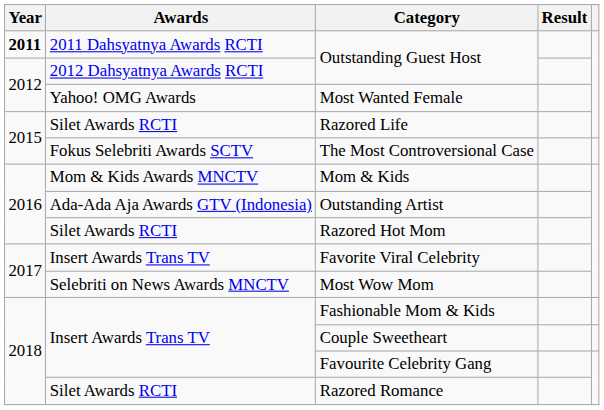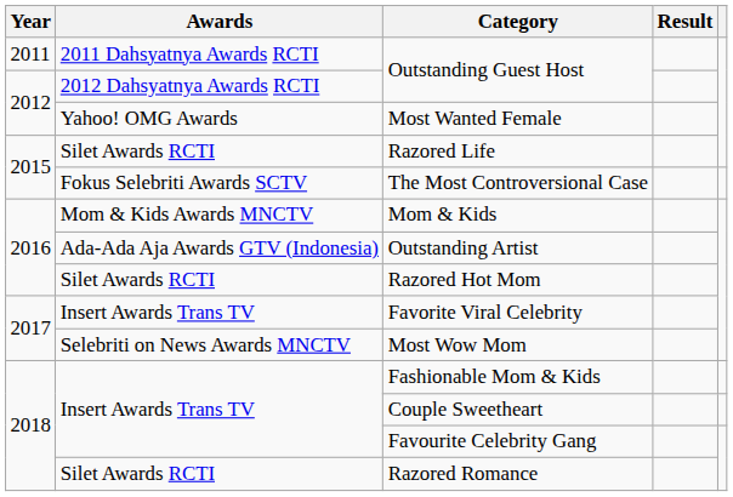 <table class="wikitable sortable">
 <tr>
 <th>Year</th>
 <th>Awards</th>
 <th>Category</th>
 <th>Result</th>
 <th></th>
 </tr>
 <tr>
-<td><strong>2011</strong></td>
+<td>2011</td>
 <td><a href='#'>2011 Dahsyatnya Awards</a> <a href='#'>RCTI</a></td>
 <td rowspan="2">Outstanding Guest Host</td>
 <td></td>
 </tr>
 <tr>
 <td rowspan="2">2012</td>
 <td><a href='#'>2012 Dahsyatnya Awards</a> <a href='#'>RCTI</a></td>
 <td></td>
 </tr>
 <tr>
 <td>Yahoo! OMG Awards</td>
 <td>Most Wanted Female</td>
 <td></td>
 </tr>
 <tr>
 <td rowspan="2">2015</td>
 <td>Silet Awards <a href='#'>RCTI</a></td>
 <td>Razored Life</td>
 <td></td>
 </tr>
 <tr>
 <td>Fokus Selebriti Awards <a href='#'>SCTV</a></td>
 <td>The Most Controversional Case</td>
 <td></td>
 <td></td>
 </tr>
 <tr>
 <td rowspan="3">2016</td>
 <td>Mom & Kids Awards <a href='#'>MNCTV</a></td>
 <td>Mom & Kids</td>
 <td></td>
 </tr>
 <tr>
 <td>Ada-Ada Aja Awards <a href='#'>GTV (Indonesia)</a></td>
 <td>Outstanding Artist</td>
 <td></td>
 </tr>
 <tr>
 <td>Silet Awards <a href='#'>RCTI</a></td>
 <td>Razored Hot Mom</td>
 <td></td>
 </tr>
 <tr>
 <td rowspan="2">2017</td>
 <td>Insert Awards <a href='#'>Trans TV</a></td>
 <td>Favorite Viral Celebrity</td>
 <td></td>
 </tr>
 <tr>
 <td>Selebriti on News Awards <a href='#'>MNCTV</a></td>
 <td>Most Wow Mom</td>
 <td></td>
 </tr>
 <tr>
 <td rowspan="4">2018</td>
 <td rowspan="3">Insert Awards <a href='#'>Trans TV</a></td>
 <td>Fashionable Mom & Kids </td>
 <td></td>
 <td></td>
 </tr>
 <tr>
 <td>Couple Sweetheart </td>
 <td></td>
 <td></td>
 </tr>
 <tr>
 <td>Favourite Celebrity Gang </td>
 <td></td>
 </tr>
 <tr>
 <td>Silet Awards <a href='#'>RCTI</a></td>
 <td>Razored Romance </td>
 <td></td>
 </tr>
 </table>
